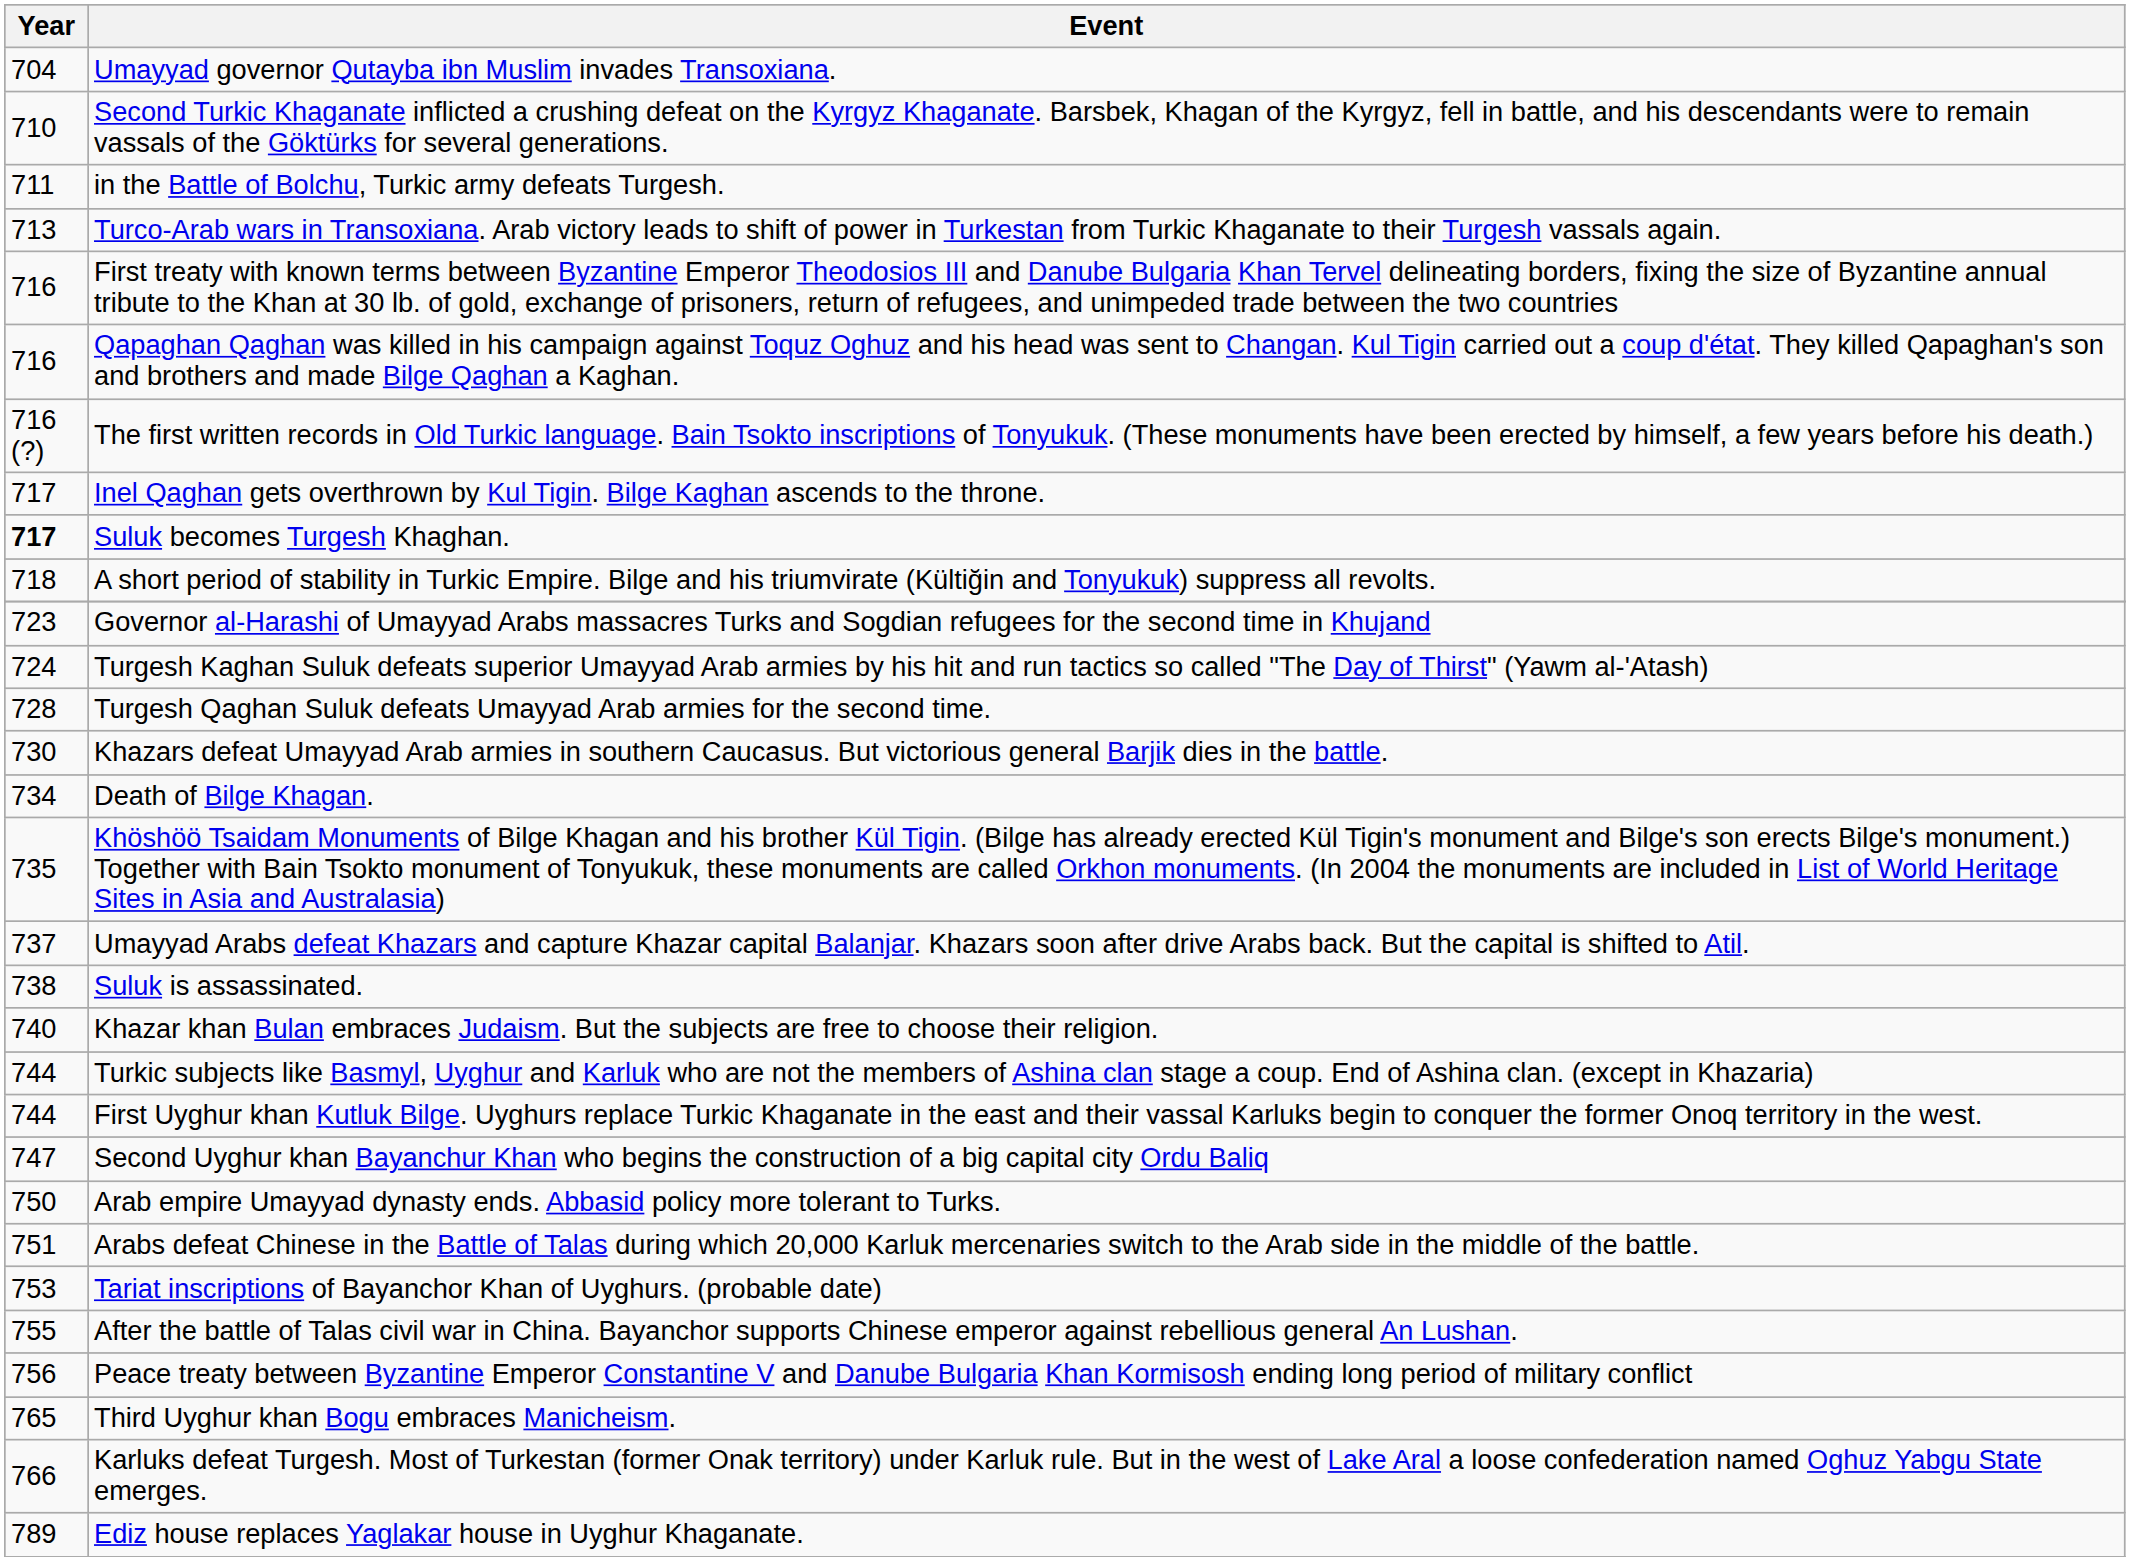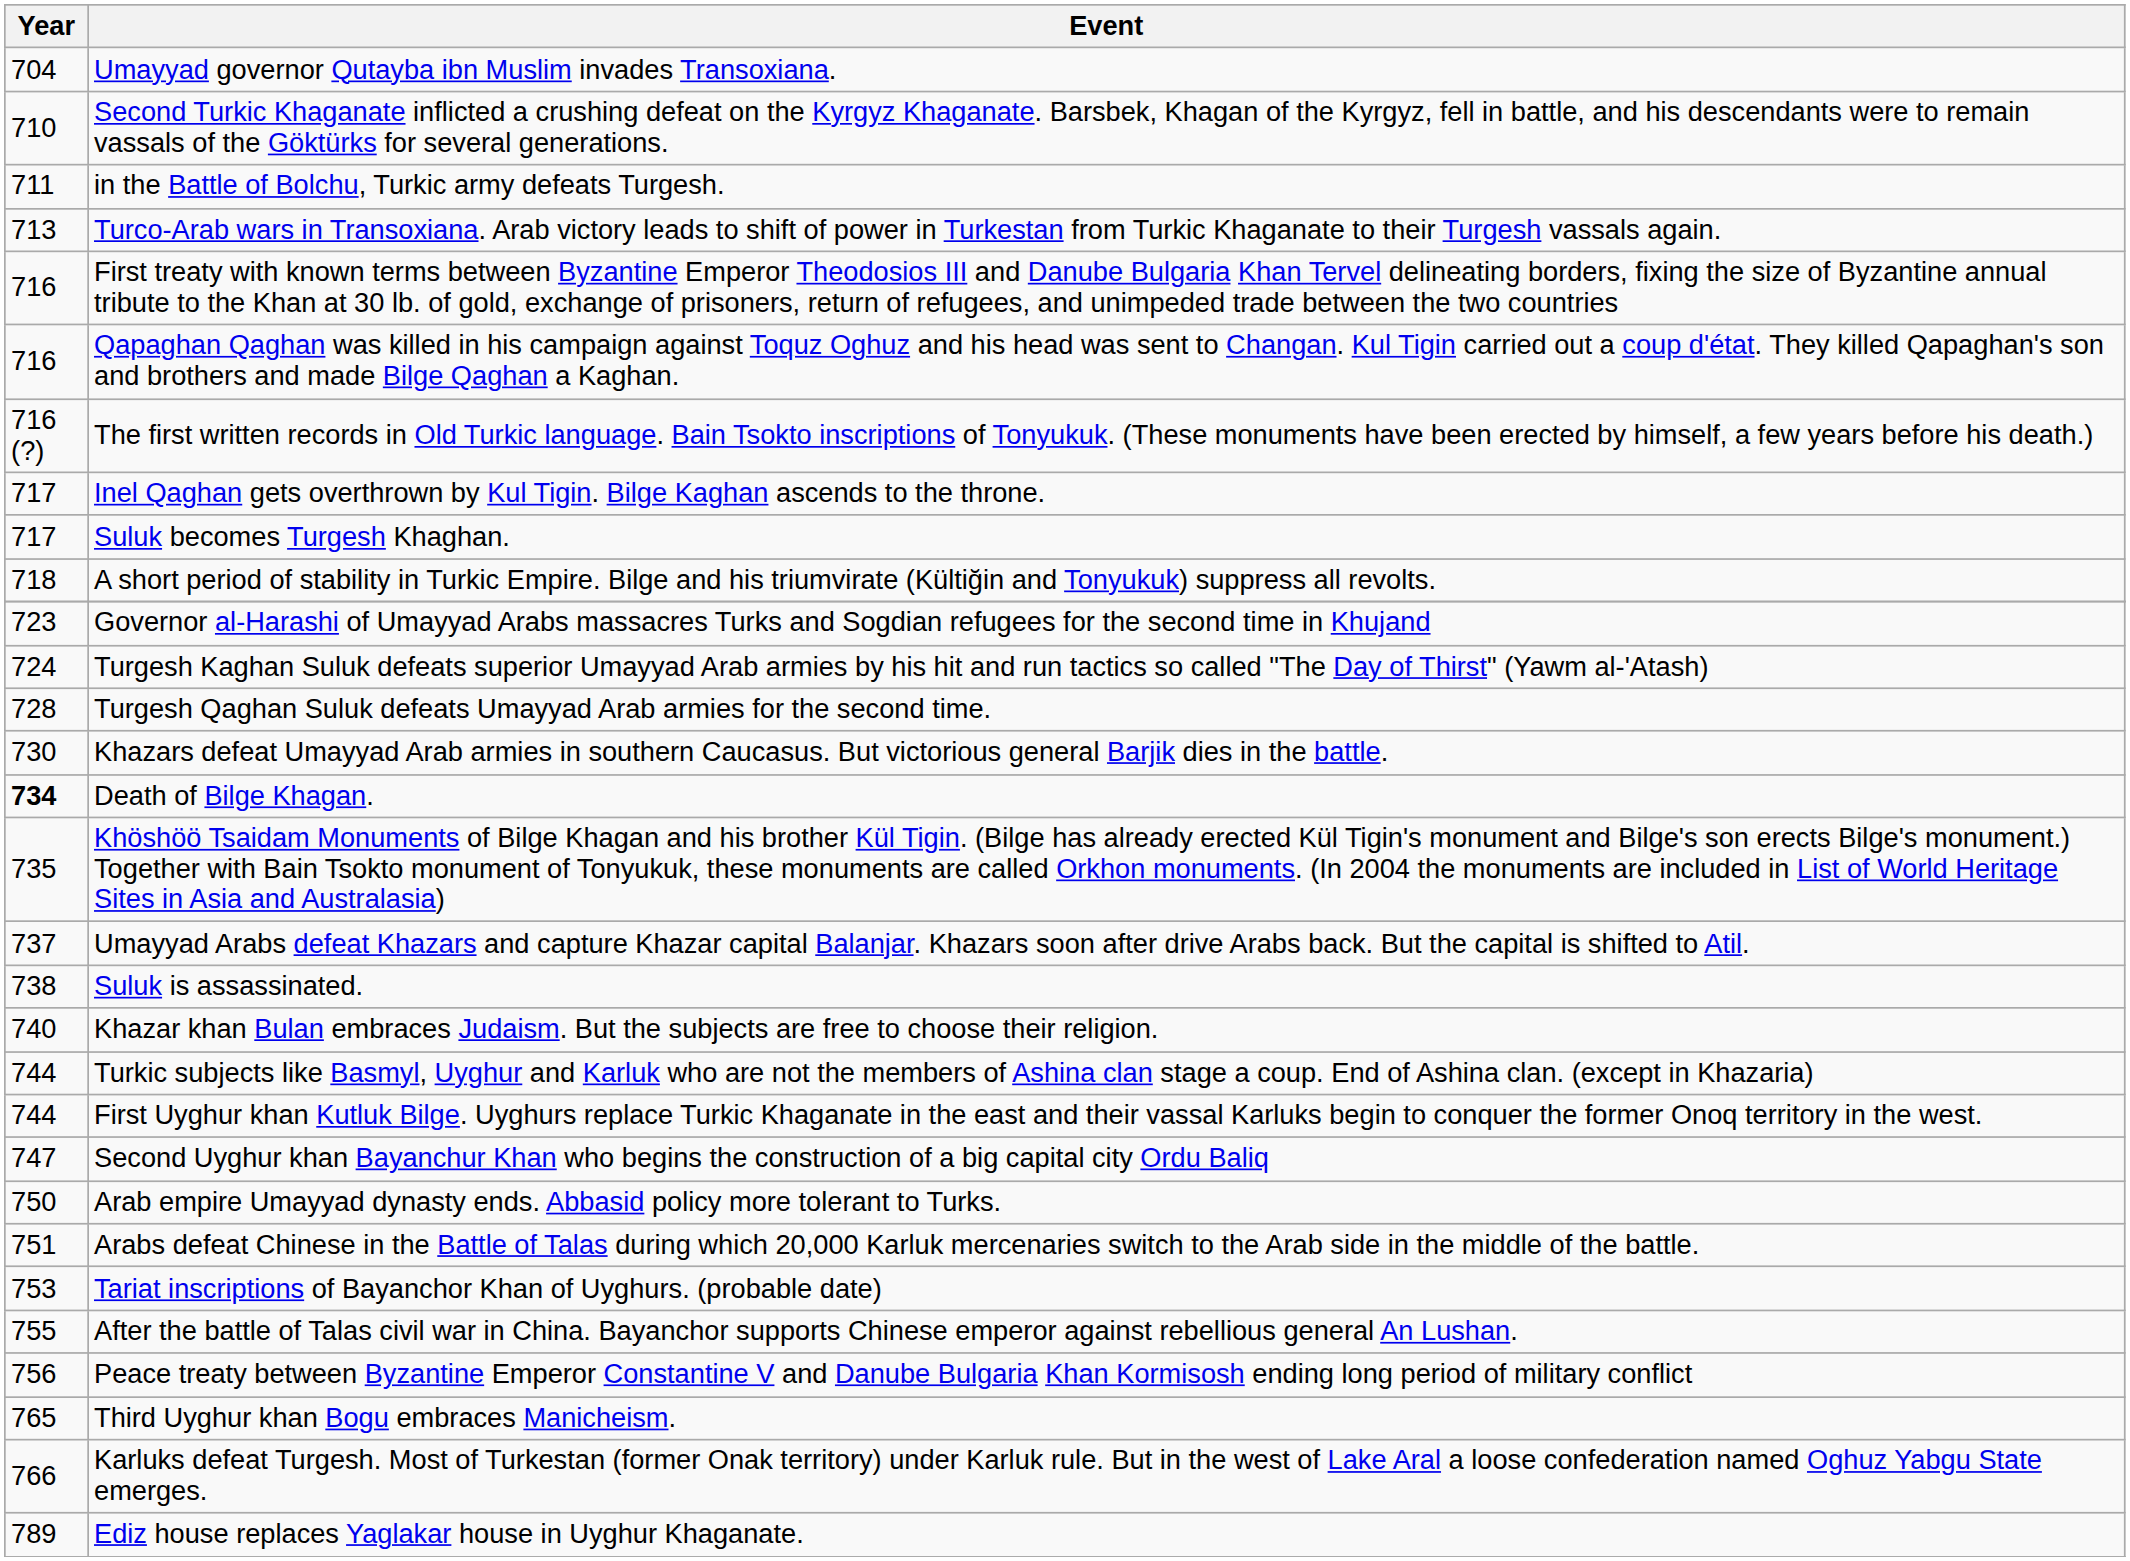 <table class="sortable wikitable">
 <tr>
 <th>Year</th>
 <th>Event</th>
 </tr>
 <tr>
 <td>704</td>
 <td><a href='#'>Umayyad</a> governor <a href='#'>Qutayba ibn Muslim</a> invades <a href='#'>Transoxiana</a>.</td>
 </tr>
 <tr>
 <td>710</td>
 <td><a href='#'>Second Turkic Khaganate</a> inflicted a crushing defeat on the <a href='#'>Kyrgyz Khaganate</a>. Barsbek, Khagan of the Kyrgyz, fell in battle, and his descendants were to remain vassals of the <a href='#'>Göktürks</a> for several generations.</td>
 </tr>
 <tr>
 <td>711</td>
 <td>in the <a href='#'>Battle of Bolchu</a>, Turkic army defeats Turgesh.</td>
 </tr>
 <tr>
 <td>713</td>
 <td><a href='#'>Turco-Arab wars in Transoxiana</a>. Arab victory leads to shift of power in <a href='#'>Turkestan</a> from Turkic Khaganate to their <a href='#'>Turgesh</a> vassals again.</td>
 </tr>
 <tr>
 <td>716</td>
 <td>First treaty with known terms between <a href='#'>Byzantine</a> Emperor <a href='#'>Theodosios III</a> and <a href='#'>Danube Bulgaria</a> <a href='#'>Khan Tervel</a> delineating borders, fixing the size of Byzantine annual tribute to the Khan at 30 lb. of gold, exchange of prisoners, return of refugees, and unimpeded trade between the two countries</td>
 </tr>
 <tr>
 <td>716</td>
 <td><a href='#'>Qapaghan Qaghan</a> was killed in his campaign against <a href='#'>Toquz Oghuz</a> and his head was sent to <a href='#'>Changan</a>. <a href='#'>Kul Tigin</a> carried out a <a href='#'>coup d'état</a>. They killed Qapaghan's son and brothers and made <a href='#'>Bilge Qaghan</a> a Kaghan.</td>
 </tr>
 <tr>
 <td>716 (?)</td>
 <td>The first written records in <a href='#'>Old Turkic language</a>. <a href='#'>Bain Tsokto inscriptions</a> of <a href='#'>Tonyukuk</a>. (These monuments have been erected by himself, a few years before his death.)</td>
 </tr>
 <tr>
 <td>717</td>
 <td><a href='#'>Inel Qaghan</a> gets overthrown by <a href='#'>Kul Tigin</a>. <a href='#'>Bilge Kaghan</a> ascends to the throne.</td>
 </tr>
 <tr>
-<td><strong>717</strong></td>
+<td>717</td>
 <td><a href='#'>Suluk</a> becomes <a href='#'>Turgesh</a> Khaghan.</td>
 </tr>
 <tr>
 <td>718</td>
 <td>A short period of stability in Turkic Empire. Bilge and his triumvirate (Kültiğin and <a href='#'>Tonyukuk</a>) suppress all revolts.</td>
 </tr>
 <tr>
 </tr>
 <tr>
 <td>723</td>
 <td>Governor <a href='#'>al-Harashi</a> of Umayyad Arabs massacres Turks and Sogdian refugees for the second time in <a href='#'>Khujand</a></td>
 </tr>
 <tr>
 <td>724</td>
 <td>Turgesh Kaghan Suluk defeats superior Umayyad Arab armies by his hit and run tactics so called "The <a href='#'>Day of Thirst</a>" (Yawm al-'Atash)</td>
 </tr>
 <tr>
 <td>728</td>
 <td>Turgesh Qaghan Suluk defeats Umayyad Arab armies for the second time.</td>
 </tr>
 <tr>
 <td>730</td>
 <td>Khazars defeat Umayyad Arab armies in southern Caucasus. But victorious general <a href='#'>Barjik</a> dies in the <a href='#'>battle</a>.</td>
 </tr>
 <tr>
-<td>734</td>
+<td><strong>734</strong></td>
 <td>Death of <a href='#'>Bilge Khagan</a>.</td>
 </tr>
 <tr>
 <td>735</td>
 <td><a href='#'>Khöshöö Tsaidam Monuments</a> of Bilge Khagan and his brother <a href='#'>Kül Tigin</a>. (Bilge has already erected Kül Tigin's monument and Bilge's son erects Bilge's monument.) Together with Bain Tsokto monument of Tonyukuk, these monuments are called <a href='#'>Orkhon monuments</a>. (In 2004 the monuments are included in <a href='#'>List of World Heritage Sites in Asia and Australasia</a>)</td>
 </tr>
 <tr>
 <td>737</td>
 <td>Umayyad Arabs <a href='#'>defeat Khazars</a> and capture Khazar capital <a href='#'>Balanjar</a>. Khazars soon after drive Arabs back. But the capital is shifted to <a href='#'>Atil</a>.</td>
 </tr>
 <tr>
 <td>738</td>
 <td><a href='#'>Suluk</a> is assassinated.</td>
 </tr>
 <tr>
 <td>740</td>
 <td>Khazar khan <a href='#'>Bulan</a> embraces <a href='#'>Judaism</a>. But the subjects are free to choose their religion.</td>
 </tr>
 <tr>
 <td>744</td>
 <td>Turkic subjects like <a href='#'>Basmyl</a>, <a href='#'>Uyghur</a> and <a href='#'>Karluk</a> who are not the members of <a href='#'>Ashina clan</a> stage a coup. End of Ashina clan. (except in Khazaria)</td>
 </tr>
 <tr>
 <td>744</td>
 <td>First Uyghur khan <a href='#'>Kutluk Bilge</a>. Uyghurs replace Turkic Khaganate in the east and their vassal Karluks begin to conquer the former Onoq territory in the west.</td>
 </tr>
 <tr>
 <td>747</td>
 <td>Second Uyghur khan <a href='#'>Bayanchur Khan</a> who begins the construction of a big capital city <a href='#'>Ordu Baliq</a></td>
 </tr>
 <tr>
 <td>750</td>
 <td>Arab empire Umayyad dynasty ends. <a href='#'>Abbasid</a> policy more tolerant to Turks.</td>
 </tr>
 <tr>
 <td>751</td>
 <td>Arabs defeat Chinese in the <a href='#'>Battle of Talas</a> during which 20,000 Karluk mercenaries switch to the Arab side in the middle of the battle.</td>
 </tr>
 <tr>
 <td>753</td>
 <td><a href='#'>Tariat inscriptions</a> of Bayanchor Khan of Uyghurs. (probable date)</td>
 </tr>
 <tr>
 <td>755</td>
 <td>After the battle of Talas civil war in China. Bayanchor supports Chinese emperor against rebellious general <a href='#'>An Lushan</a>.</td>
 </tr>
 <tr>
 <td>756</td>
 <td>Peace treaty between <a href='#'>Byzantine</a> Emperor <a href='#'>Constantine V</a> and <a href='#'>Danube Bulgaria</a> <a href='#'>Khan Kormisosh</a> ending long period of military conflict</td>
 </tr>
 <tr>
 <td>765</td>
 <td>Third Uyghur khan <a href='#'>Bogu</a> embraces <a href='#'>Manicheism</a>.</td>
 </tr>
 <tr>
 <td>766</td>
 <td>Karluks defeat Turgesh. Most of Turkestan (former Onak territory) under Karluk rule. But in the west of <a href='#'>Lake Aral</a> a loose confederation named <a href='#'>Oghuz Yabgu State</a> emerges.</td>
 </tr>
 <tr>
 <td>789</td>
 <td><a href='#'>Ediz</a> house replaces <a href='#'>Yaglakar</a> house in Uyghur Khaganate.</td>
 </tr>
 <tr>
 </tr>
 </table>
